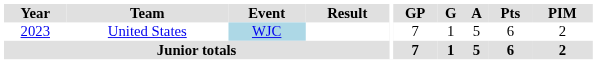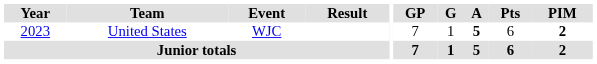 <table border="0" cellpadding="1" cellspacing="0" ID="Table3" style="text-align:center; width:40em;">
 <tr bgcolor="#e0e0e0">
 <th>Year</th>
 <th>Team</th>
 <th>Event</th>
 <th>Result</th>
 <th rowspan="98" bgcolor="#ffffff"></th>
 <th>GP</th>
 <th>G</th>
 <th>A</th>
 <th>Pts</th>
 <th>PIM</th>
 </tr>
 <tr>
 <td><a href='#'>2023</a></td>
 <td><a href='#'>United States</a></td>
-<td style="background: lightblue;"><a href='#'>WJC</a></td>
+<td><a href='#'>WJC</a></td>
 <td></td>
 <td>7</td>
 <td>1</td>
-<td>5</td>
+<td><strong>5</strong></td>
 <td>6</td>
-<td>2</td>
+<td><strong>2</strong></td>
 </tr>
 <tr bgcolor="#e0e0e0">
 <th colspan="4">Junior totals</th>
 <th>7</th>
 <th>1</th>
 <th>5</th>
 <th>6</th>
 <th>2</th>
 </tr>
 </table>
